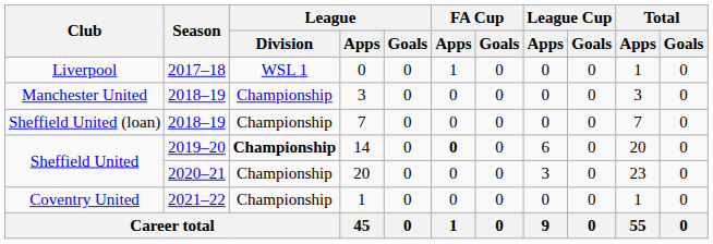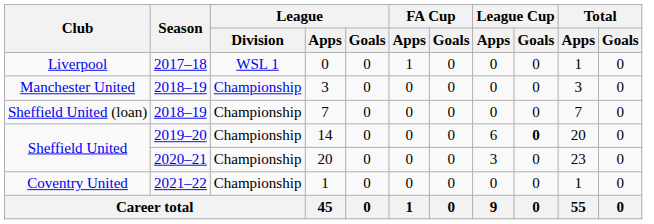 <table class="wikitable" style="text-align:center">
 <tr>
 <th rowspan="2">Club</th>
 <th rowspan="2">Season</th>
 <th colspan="3">League</th>
 <th colspan="2">FA Cup</th>
 <th colspan="2">League Cup</th>
 <th colspan="2">Total</th>
 </tr>
 <tr>
 <th>Division</th>
 <th>Apps</th>
 <th>Goals</th>
 <th>Apps</th>
 <th>Goals</th>
 <th>Apps</th>
 <th>Goals</th>
 <th>Apps</th>
 <th>Goals</th>
 </tr>
 <tr>
 <td><a href='#'>Liverpool</a></td>
 <td><a href='#'>2017–18</a></td>
 <td><a href='#'>WSL 1</a></td>
 <td>0</td>
 <td>0</td>
 <td>1</td>
 <td>0</td>
 <td>0</td>
 <td>0</td>
 <td>1</td>
 <td>0</td>
 </tr>
 <tr>
 <td><a href='#'>Manchester United</a></td>
 <td><a href='#'>2018–19</a></td>
 <td><a href='#'>Championship</a></td>
 <td>3</td>
 <td>0</td>
 <td>0</td>
 <td>0</td>
 <td>0</td>
 <td>0</td>
 <td>3</td>
 <td>0</td>
 </tr>
 <tr>
 <td><a href='#'>Sheffield United</a> (loan)</td>
 <td><a href='#'>2018–19</a></td>
 <td>Championship</td>
 <td>7</td>
 <td>0</td>
 <td>0</td>
 <td>0</td>
 <td>0</td>
 <td>0</td>
 <td>7</td>
 <td>0</td>
 </tr>
 <tr>
 <td rowspan=2><a href='#'>Sheffield United</a></td>
 <td><a href='#'>2019–20</a></td>
-<td><strong>Championship</strong></td>
+<td>Championship</td>
 <td>14</td>
 <td>0</td>
-<td><strong>0</strong></td>
+<td>0</td>
 <td>0</td>
 <td>6</td>
-<td>0</td>
+<td><strong>0</strong></td>
 <td>20</td>
 <td>0</td>
 </tr>
 <tr>
 <td><a href='#'>2020–21</a></td>
 <td>Championship</td>
 <td>20</td>
 <td>0</td>
 <td>0</td>
 <td>0</td>
 <td>3</td>
 <td>0</td>
 <td>23</td>
 <td>0</td>
 </tr>
 <tr>
 <td><a href='#'>Coventry United</a></td>
 <td><a href='#'>2021–22</a></td>
 <td>Championship</td>
 <td>1</td>
 <td>0</td>
 <td>0</td>
 <td>0</td>
 <td>0</td>
 <td>0</td>
 <td>1</td>
 <td>0</td>
 </tr>
 <tr>
 <th colspan="3">Career total</th>
 <th>45</th>
 <th>0</th>
 <th>1</th>
 <th>0</th>
 <th>9</th>
 <th>0</th>
 <th>55</th>
 <th>0</th>
 </tr>
 </table>
